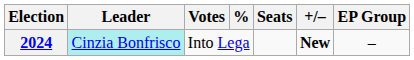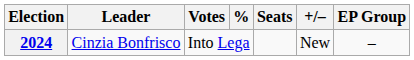 <table class="wikitable" style="text-align:center">
 <tr>
 <th>Election</th>
 <th>Leader</th>
 <th>Votes</th>
 <th>%</th>
 <th>Seats</th>
 <th>+/–</th>
 <th>EP Group</th>
 </tr>
 <tr>
 <th><a href='#'>2024</a></th>
-<td style="background: paleturquoise;"><a href='#'>Cinzia Bonfrisco</a></td>
+<td><a href='#'>Cinzia Bonfrisco</a></td>
 <td colspan="2">Into <a href='#'>Lega</a></td>
 <td></td>
-<td><strong>New</strong></td>
+<td>New</td>
 <td>–</td>
 </tr>
 </table>
